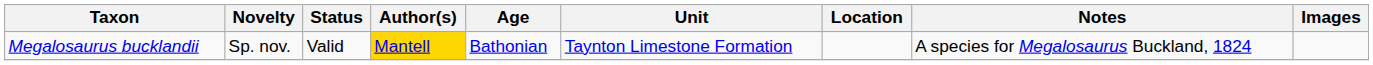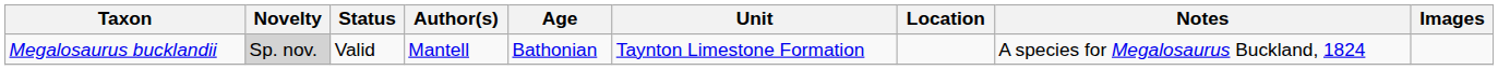 <table class="wikitable sortable" align="center" width="100%">
 <tr>
 <th>Taxon</th>
 <th>Novelty</th>
 <th>Status</th>
 <th>Author(s)</th>
 <th>Age</th>
 <th>Unit</th>
 <th>Location</th>
 <th>Notes</th>
 <th>Images</th>
 </tr>
 <tr>
 <td><em><a href='#'>Megalosaurus bucklandii</a></em></td>
-<td>Sp. nov.</td>
+<td style="background: lightgrey;">Sp. nov.</td>
 <td>Valid</td>
-<td style="background: gold;"><a href='#'>Mantell</a></td>
+<td><a href='#'>Mantell</a></td>
 <td><a href='#'>Bathonian</a></td>
 <td><a href='#'>Taynton Limestone Formation</a></td>
 <td></td>
 <td>A species for <em><a href='#'>Megalosaurus</a></em> Buckland, <a href='#'>1824</a></td>
 <td></td>
 </tr>
 <tr>
 </tr>
 </table>
